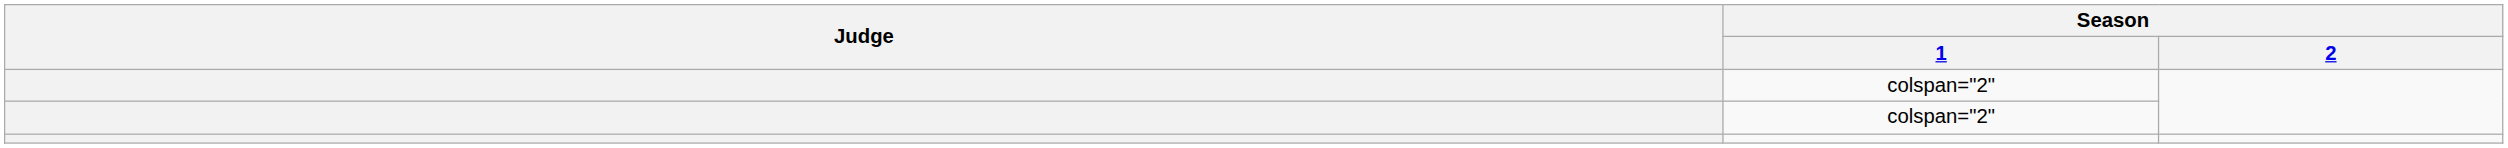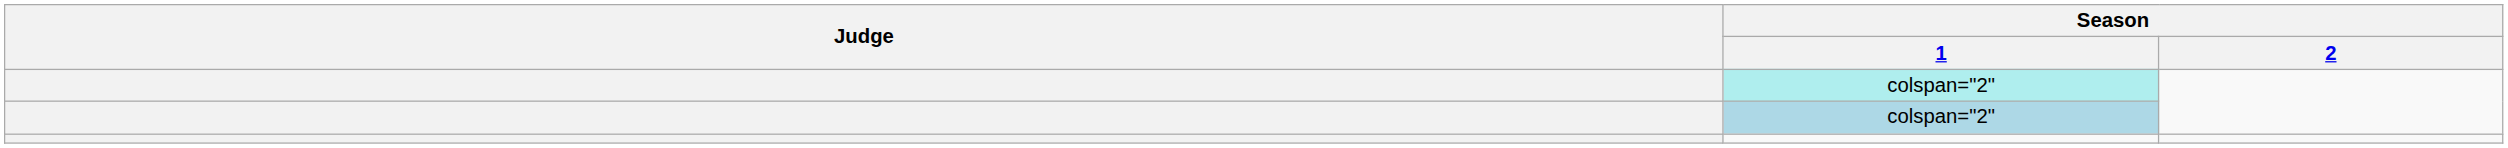 <table class="wikitable plainrowheaders" style="text-align:center">
 <tr>
 <th rowspan="2" style="width:5%;" scope="col">Judge</th>
 <th colspan="2">Season</th>
 </tr>
 <tr>
 <th style="width:1%;" scope="col"><a href='#'>1</a></th>
 <th style="width:1%;" scope="col"><a href='#'>2</a></th>
 </tr>
 <tr>
 <th scope="row"></th>
-<td>colspan="2" </td>
+<td style="background: paleturquoise;">colspan="2" </td>
 </tr>
 <tr>
 <th scope="row"></th>
-<td>colspan="2" </td>
+<td style="background: lightblue;">colspan="2" </td>
 </tr>
 <tr>
 <th scope="row"></th>
 <td></td>
 <td></td>
 </tr>
 </table>
